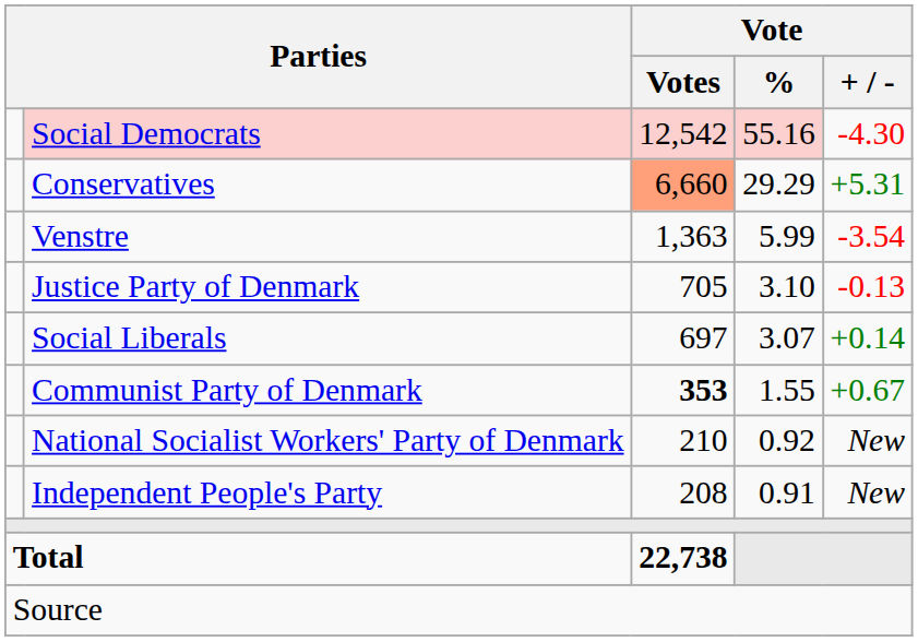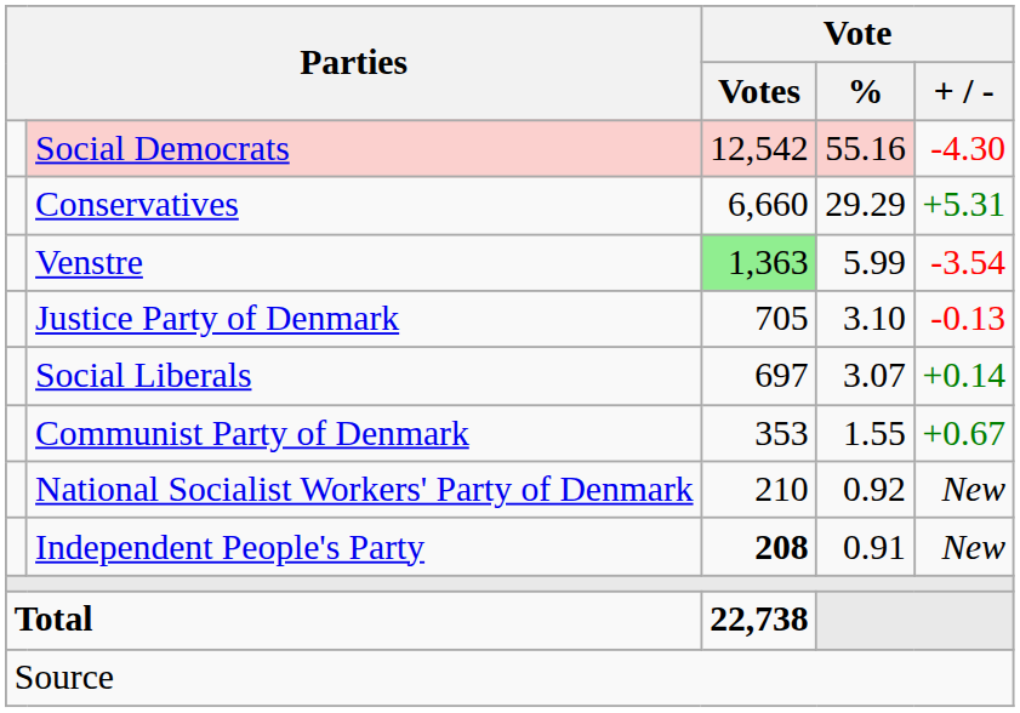 <table class="wikitable" style="text-align:right;">
 <tr>
 <th style="text-align:centre;" rowspan="2" colspan="2" width="225">Parties</th>
 <th colspan="3">Vote</th>
 </tr>
 <tr>
 <th width="15">Votes</th>
 <th width="15">%</th>
 <th width="15">+ / -</th>
 </tr>
 <tr>
 <td width="2" style="color:inherit;background:"></td>
 <td bgcolor=#fbd0ce  align="left"><a href='#'>Social Democrats</a></td>
 <td bgcolor=#fbd0ce>12,542</td>
 <td bgcolor=#fbd0ce>55.16</td>
 <td style=color:red;>-4.30</td>
 </tr>
 <tr>
 <td width="2" style="color:inherit;background:"></td>
 <td align="left"><a href='#'>Conservatives</a></td>
-<td style="background: lightsalmon;">6,660</td>
+<td>6,660</td>
 <td>29.29</td>
 <td style=color:green;>+5.31</td>
 </tr>
 <tr>
 <td width="2" style="color:inherit;background:"></td>
 <td align="left"><a href='#'>Venstre</a></td>
-<td>1,363</td>
+<td style="background: lightgreen;">1,363</td>
 <td>5.99</td>
 <td style=color:red;>-3.54</td>
 </tr>
 <tr>
 <td width="2" style="color:inherit;background:"></td>
 <td align="left"><a href='#'>Justice Party of Denmark</a></td>
 <td>705</td>
 <td>3.10</td>
 <td style=color:red;>-0.13</td>
 </tr>
 <tr>
 <td width="2" style="color:inherit;background:"></td>
 <td align="left"><a href='#'>Social Liberals</a></td>
 <td>697</td>
 <td>3.07</td>
 <td style=color:green;>+0.14</td>
 </tr>
 <tr>
 <td width="2" style="color:inherit;background:"></td>
 <td align="left"><a href='#'>Communist Party of Denmark</a></td>
-<td><strong>353</strong></td>
+<td>353</td>
 <td>1.55</td>
 <td style=color:green;>+0.67</td>
 </tr>
 <tr>
 <td width="2" style="color:inherit;background:"></td>
 <td align="left"><a href='#'>National Socialist Workers' Party of Denmark</a></td>
 <td>210</td>
 <td>0.92</td>
 <td><em>New</em></td>
 </tr>
 <tr>
 <td width="2" style="color:inherit;background:"></td>
 <td align="left"><a href='#'>Independent People's Party</a></td>
-<td>208</td>
+<td><strong>208</strong></td>
 <td>0.91</td>
 <td><em>New</em></td>
 </tr>
 <tr>
 <td colspan="7" bgcolor="#E9E9E9"></td>
 </tr>
 <tr>
 <td align="left" colspan="2"><strong>Total</strong></td>
 <td><strong>22,738</strong></td>
 <td bgcolor="#E9E9E9" colspan="2"></td>
 </tr>
 <tr>
 <td align="left" colspan="6">Source</td>
 </tr>
 </table>
